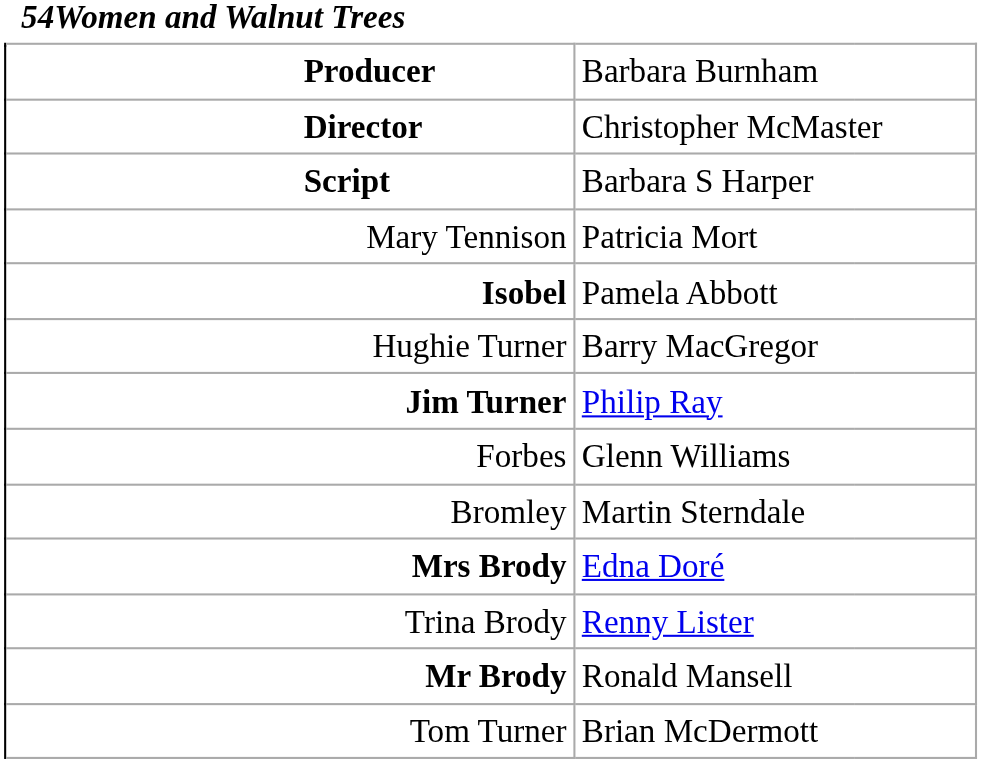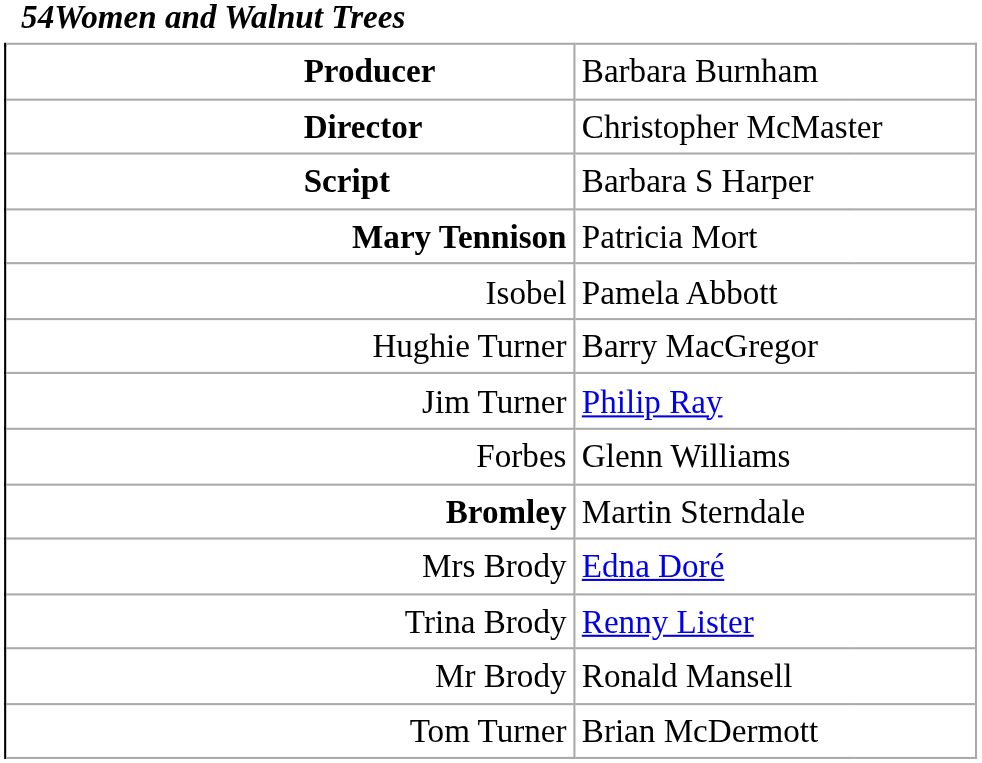 <table class="wikitable mw-collapsible mw-collapsed" style="vertical-align:top;margin:auto 2em;line-height:1.2;min-width:33em;display: inline-table;background-color:inherit;border:none;">
 <tr>
 <td class=unsortable style="border:hidden;line-height:1.67;text-align:center;margin-left:-1em;padding-left:0.5em;min-width:1.0em;"></td>
 <td class=unsortable style="border:none;padding-left:0.5em;text-align:left;min-width:16.5em;font-weight:700;font-style:italic;">54Women and Walnut Trees</td>
 <td class=unsortable style="border:none;text-align:right;font-weight:normal;font-family:Courier;font-size:95%;letter-spacing:-1pt;min-width:8.5em;padding-right:0.2em;"></td>
 <td class=unsortable style="border:hidden;min-width:3.5em;padding-left:0;"></td>
 <td class=unsortable style="border:hidden;min-width:3.5em;font-size:95%;"></td>
 </tr>
 <tr>
 <td rowspan=100 style="border:none thin;border-right-style :solid;"></td>
 </tr>
 <tr>
 <td style="text-align:left;padding-left:9.0em;font-weight:bold;">Producer</td>
 <td colspan=2>Barbara Burnham</td>
 </tr>
 <tr>
 <td style="text-align:left;padding-left:9.0em;font-weight:bold;">Director</td>
 <td colspan=2>Christopher McMaster</td>
 </tr>
 <tr>
 <td style="text-align:left;padding-left:9.0em;font-weight:bold;">Script</td>
 <td colspan=2>Barbara S Harper</td>
 </tr>
 <tr>
-<td style="text-align:right;">Mary Tennison</td>
+<td style="text-align:right;"><strong>Mary Tennison</strong></td>
 <td colspan=2>Patricia Mort</td>
 </tr>
 <tr>
-<td style="text-align:right;"><strong>Isobel</strong></td>
+<td style="text-align:right;">Isobel</td>
 <td colspan=2>Pamela Abbott</td>
 </tr>
 <tr>
 <td style="text-align:right;">Hughie Turner</td>
 <td colspan=2>Barry MacGregor</td>
 </tr>
 <tr>
-<td style="text-align:right;"><strong>Jim Turner</strong></td>
+<td style="text-align:right;">Jim Turner</td>
 <td colspan=2><a href='#'>Philip Ray</a></td>
 </tr>
 <tr>
 <td style="text-align:right;">Forbes</td>
 <td colspan=2>Glenn Williams</td>
 </tr>
 <tr>
-<td style="text-align:right;">Bromley</td>
+<td style="text-align:right;"><strong>Bromley</strong></td>
 <td colspan=2>Martin Sterndale</td>
 </tr>
 <tr>
-<td style="text-align:right;"><strong>Mrs Brody</strong></td>
+<td style="text-align:right;">Mrs Brody</td>
 <td colspan=2><a href='#'>Edna Doré</a></td>
 </tr>
 <tr>
 <td style="text-align:right;">Trina Brody</td>
 <td colspan=2><a href='#'>Renny Lister</a></td>
 </tr>
 <tr>
-<td style="text-align:right;"><strong>Mr Brody</strong></td>
+<td style="text-align:right;">Mr Brody</td>
 <td colspan=2>Ronald Mansell</td>
 </tr>
 <tr>
 <td style="text-align:right;">Tom Turner</td>
 <td colspan=2>Brian McDermott</td>
 </tr>
 </table>
